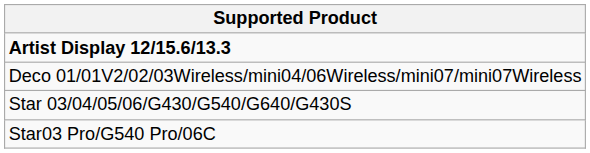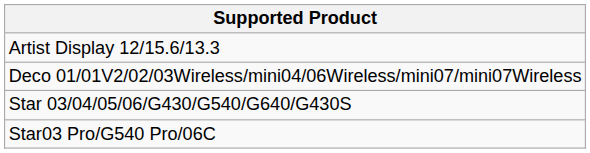 <table class="wikitable">
 <tr>
 <th>Supported Product</th>
 </tr>
 <tr>
-<td><strong>Artist Display 12/15.6/13.3</strong></td>
+<td>Artist Display 12/15.6/13.3</td>
 </tr>
 <tr>
 <td>Deco 01/01V2/02/03Wireless/mini04/06Wireless/mini07/mini07Wireless</td>
 </tr>
 <tr>
 <td>Star 03/04/05/06/G430/G540/G640/G430S</td>
 </tr>
 <tr>
 <td>Star03 Pro/G540 Pro/06C</td>
 </tr>
 </table>
